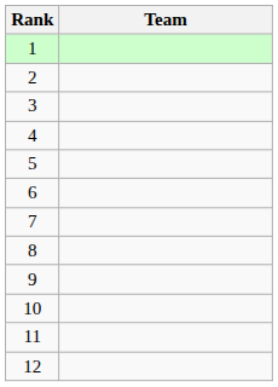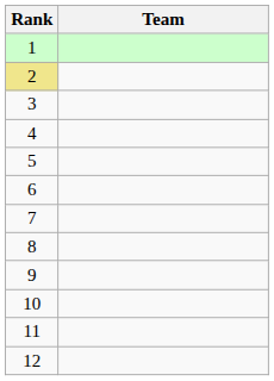 <table class="wikitable" style="text-align: center;">
 <tr>
 <th width=40>Rank</th>
 <th width=180>Team</th>
 </tr>
 <tr bgcolor=ccffcc>
 <td>1</td>
 <td align=left></td>
 </tr>
 <tr>
-<td>2</td>
+<td style="background: khaki;">2</td>
 <td align=left></td>
 </tr>
 <tr>
 <td>3</td>
 <td align=left></td>
 </tr>
 <tr>
 <td>4</td>
 <td align=left></td>
 </tr>
 <tr>
 <td>5</td>
 <td align=left></td>
 </tr>
 <tr>
 <td>6</td>
 <td align=left></td>
 </tr>
 <tr>
 <td>7</td>
 <td align=left></td>
 </tr>
 <tr>
 <td>8</td>
 <td align=left></td>
 </tr>
 <tr>
 <td>9</td>
 <td align=left></td>
 </tr>
 <tr>
 <td>10</td>
 <td align=left></td>
 </tr>
 <tr>
 <td>11</td>
 <td align=left></td>
 </tr>
 <tr>
 <td>12</td>
 <td align=left></td>
 </tr>
 </table>
